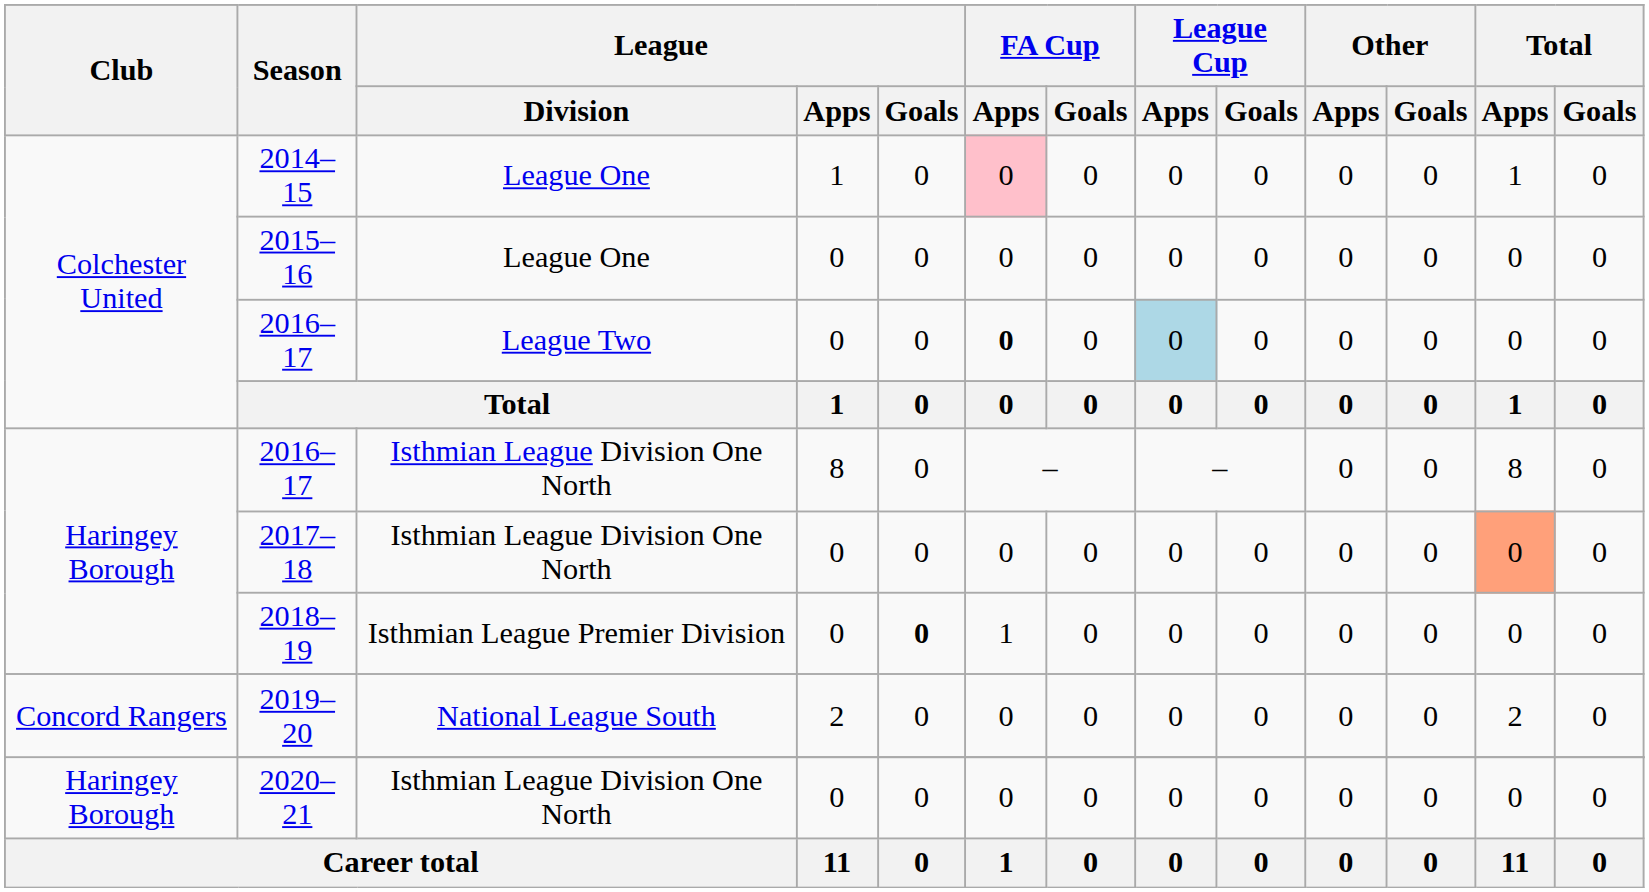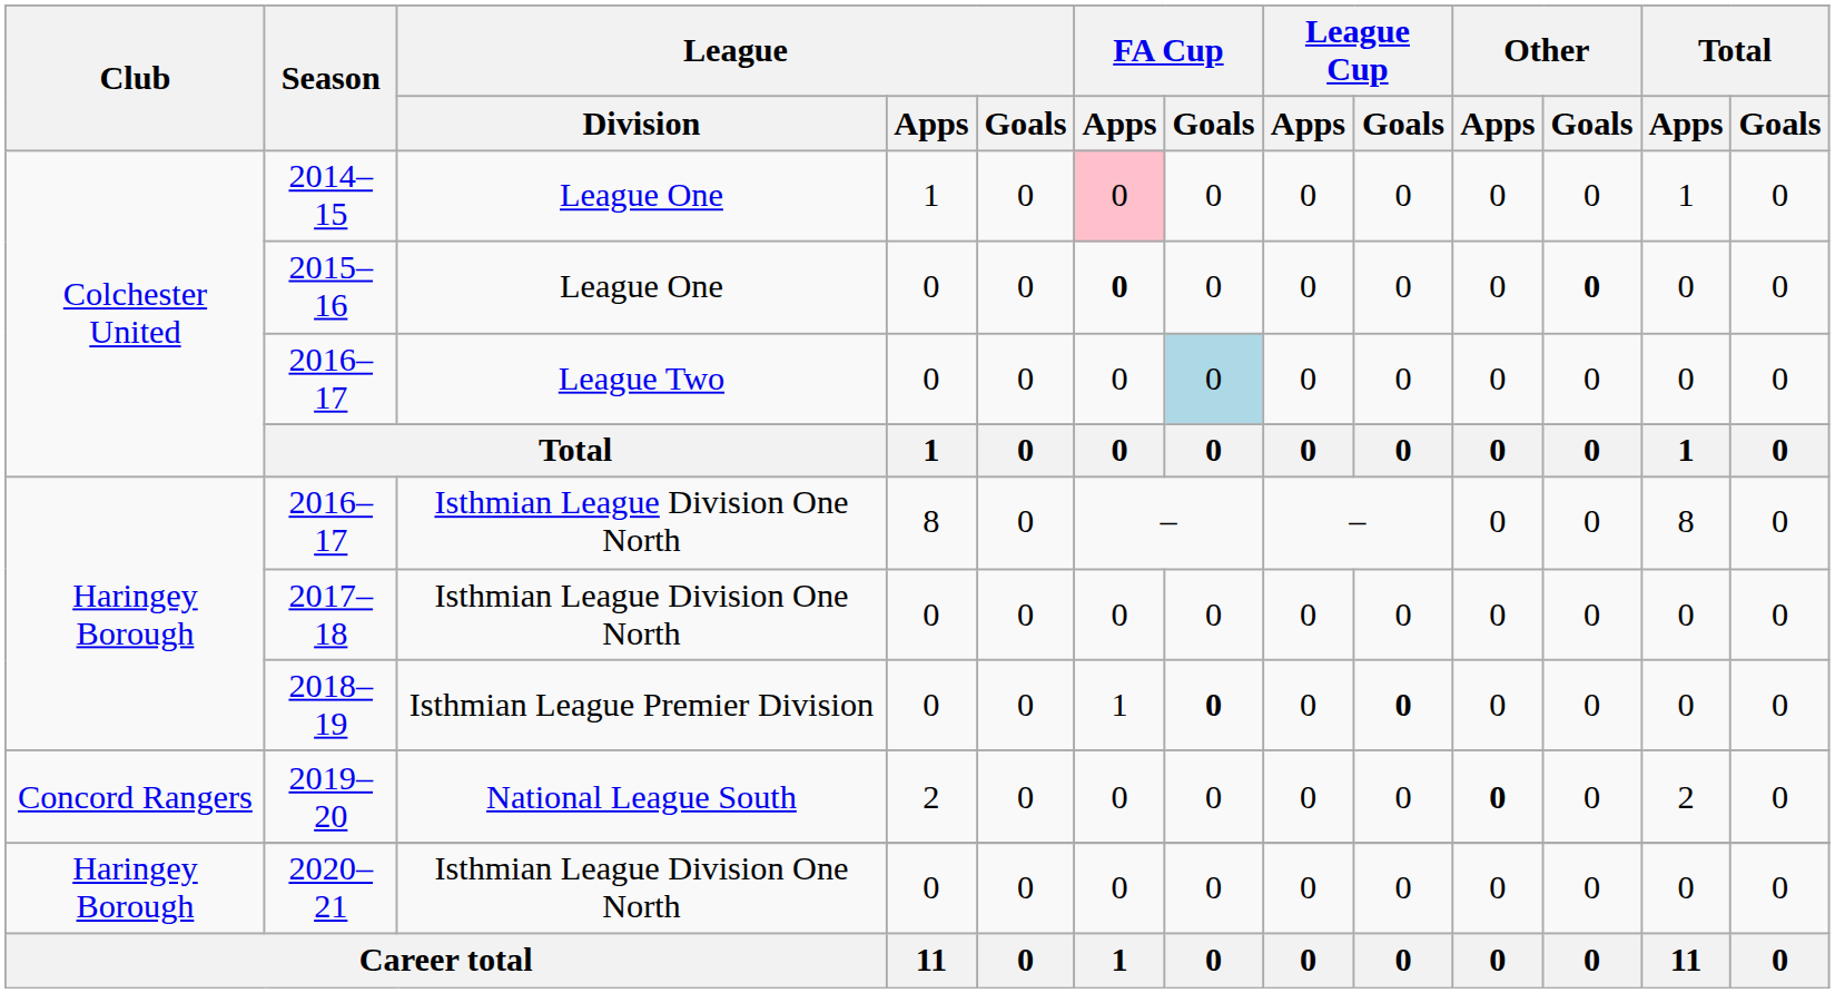 <table class=wikitable style="text-align: center;">
 <tr>
 <th rowspan=2>Club</th>
 <th rowspan=2>Season</th>
 <th colspan=3>League</th>
 <th colspan=2><a href='#'>FA Cup</a></th>
 <th colspan=2><a href='#'>League Cup</a></th>
 <th colspan=2>Other</th>
 <th colspan=2>Total</th>
 </tr>
 <tr>
 <th>Division</th>
 <th>Apps</th>
 <th>Goals</th>
 <th>Apps</th>
 <th>Goals</th>
 <th>Apps</th>
 <th>Goals</th>
 <th>Apps</th>
 <th>Goals</th>
 <th>Apps</th>
 <th>Goals</th>
 </tr>
 <tr>
 <td rowspan="4"><a href='#'>Colchester United</a></td>
 <td><a href='#'>2014–15</a></td>
 <td><a href='#'>League One</a></td>
 <td>1</td>
 <td>0</td>
 <td style="background: pink;">0</td>
 <td>0</td>
 <td>0</td>
 <td>0</td>
 <td>0</td>
 <td>0</td>
 <td>1</td>
 <td>0</td>
 </tr>
 <tr>
 <td><a href='#'>2015–16</a></td>
 <td>League One</td>
 <td>0</td>
 <td>0</td>
+<td><strong>0</strong></td>
 <td>0</td>
 <td>0</td>
 <td>0</td>
 <td>0</td>
-<td>0</td>
-<td>0</td>
+<td><strong>0</strong></td>
 <td>0</td>
 <td>0</td>
 </tr>
 <tr>
 <td><a href='#'>2016–17</a></td>
 <td><a href='#'>League Two</a></td>
 <td>0</td>
 <td>0</td>
-<td><strong>0</strong></td>
 <td>0</td>
 <td style="background: lightblue;">0</td>
+<td>0</td>
 <td>0</td>
 <td>0</td>
 <td>0</td>
 <td>0</td>
 <td>0</td>
 </tr>
 <tr>
 <th colspan="2">Total</th>
 <th>1</th>
 <th>0</th>
 <th>0</th>
 <th>0</th>
 <th>0</th>
 <th>0</th>
 <th>0</th>
 <th>0</th>
 <th>1</th>
 <th>0</th>
 </tr>
 <tr>
 <td rowspan="3"><a href='#'>Haringey Borough</a></td>
 <td><a href='#'>2016–17</a></td>
 <td><a href='#'>Isthmian League</a> Division One North</td>
 <td>8</td>
 <td>0</td>
 <td colspan="2">–</td>
 <td colspan="2">–</td>
 <td>0</td>
 <td>0</td>
 <td>8</td>
 <td>0</td>
 </tr>
 <tr>
 <td><a href='#'>2017–18</a></td>
 <td>Isthmian League Division One North</td>
 <td>0</td>
 <td>0</td>
 <td>0</td>
 <td>0</td>
 <td>0</td>
 <td>0</td>
 <td>0</td>
 <td>0</td>
-<td style="background: lightsalmon;">0</td>
+<td>0</td>
 <td>0</td>
 </tr>
 <tr>
 <td><a href='#'>2018–19</a></td>
 <td>Isthmian League Premier Division</td>
 <td>0</td>
+<td>0</td>
+<td>1</td>
 <td><strong>0</strong></td>
-<td>1</td>
 <td>0</td>
-<td>0</td>
-<td>0</td>
+<td><strong>0</strong></td>
 <td>0</td>
 <td>0</td>
 <td>0</td>
 <td>0</td>
 </tr>
 <tr>
 <td><a href='#'>Concord Rangers</a></td>
 <td><a href='#'>2019–20</a></td>
 <td><a href='#'>National League South</a></td>
 <td>2</td>
 <td>0</td>
 <td>0</td>
 <td>0</td>
 <td>0</td>
 <td>0</td>
-<td>0</td>
+<td><strong>0</strong></td>
 <td>0</td>
 <td>2</td>
 <td>0</td>
 </tr>
 <tr>
 <td rowspan="2"><a href='#'>Haringey Borough</a></td>
 </tr>
 <tr>
 <td><a href='#'>2020–21</a></td>
 <td>Isthmian League Division One North</td>
 <td>0</td>
 <td>0</td>
 <td>0</td>
 <td>0</td>
 <td>0</td>
 <td>0</td>
 <td>0</td>
 <td>0</td>
 <td>0</td>
 <td>0</td>
 </tr>
 <tr>
 <th colspan="3">Career total</th>
 <th>11</th>
 <th>0</th>
 <th>1</th>
 <th>0</th>
 <th>0</th>
 <th>0</th>
 <th>0</th>
 <th>0</th>
 <th>11</th>
 <th>0</th>
 </tr>
 </table>
